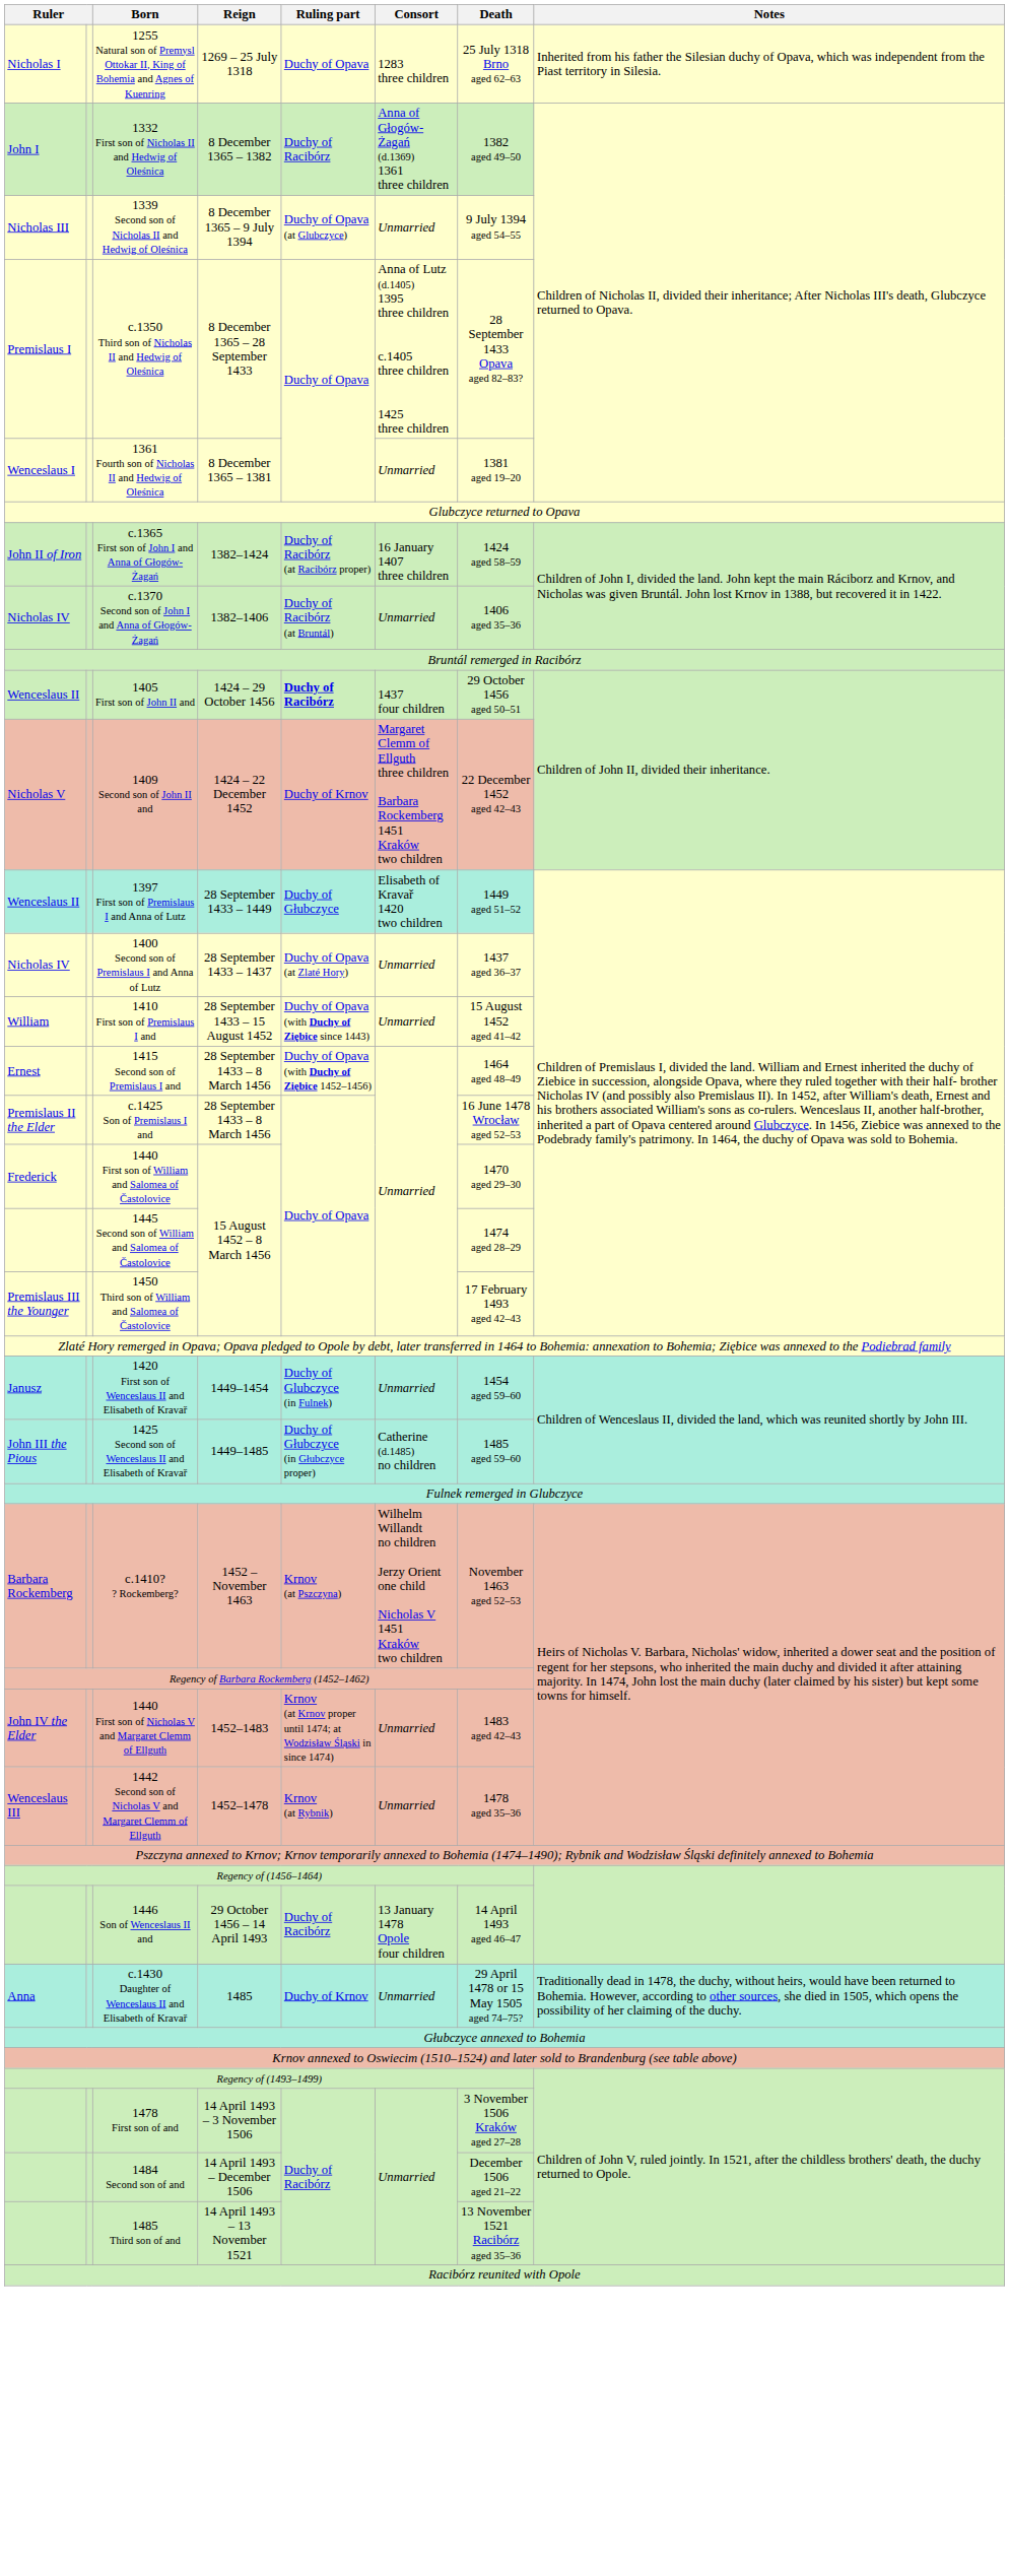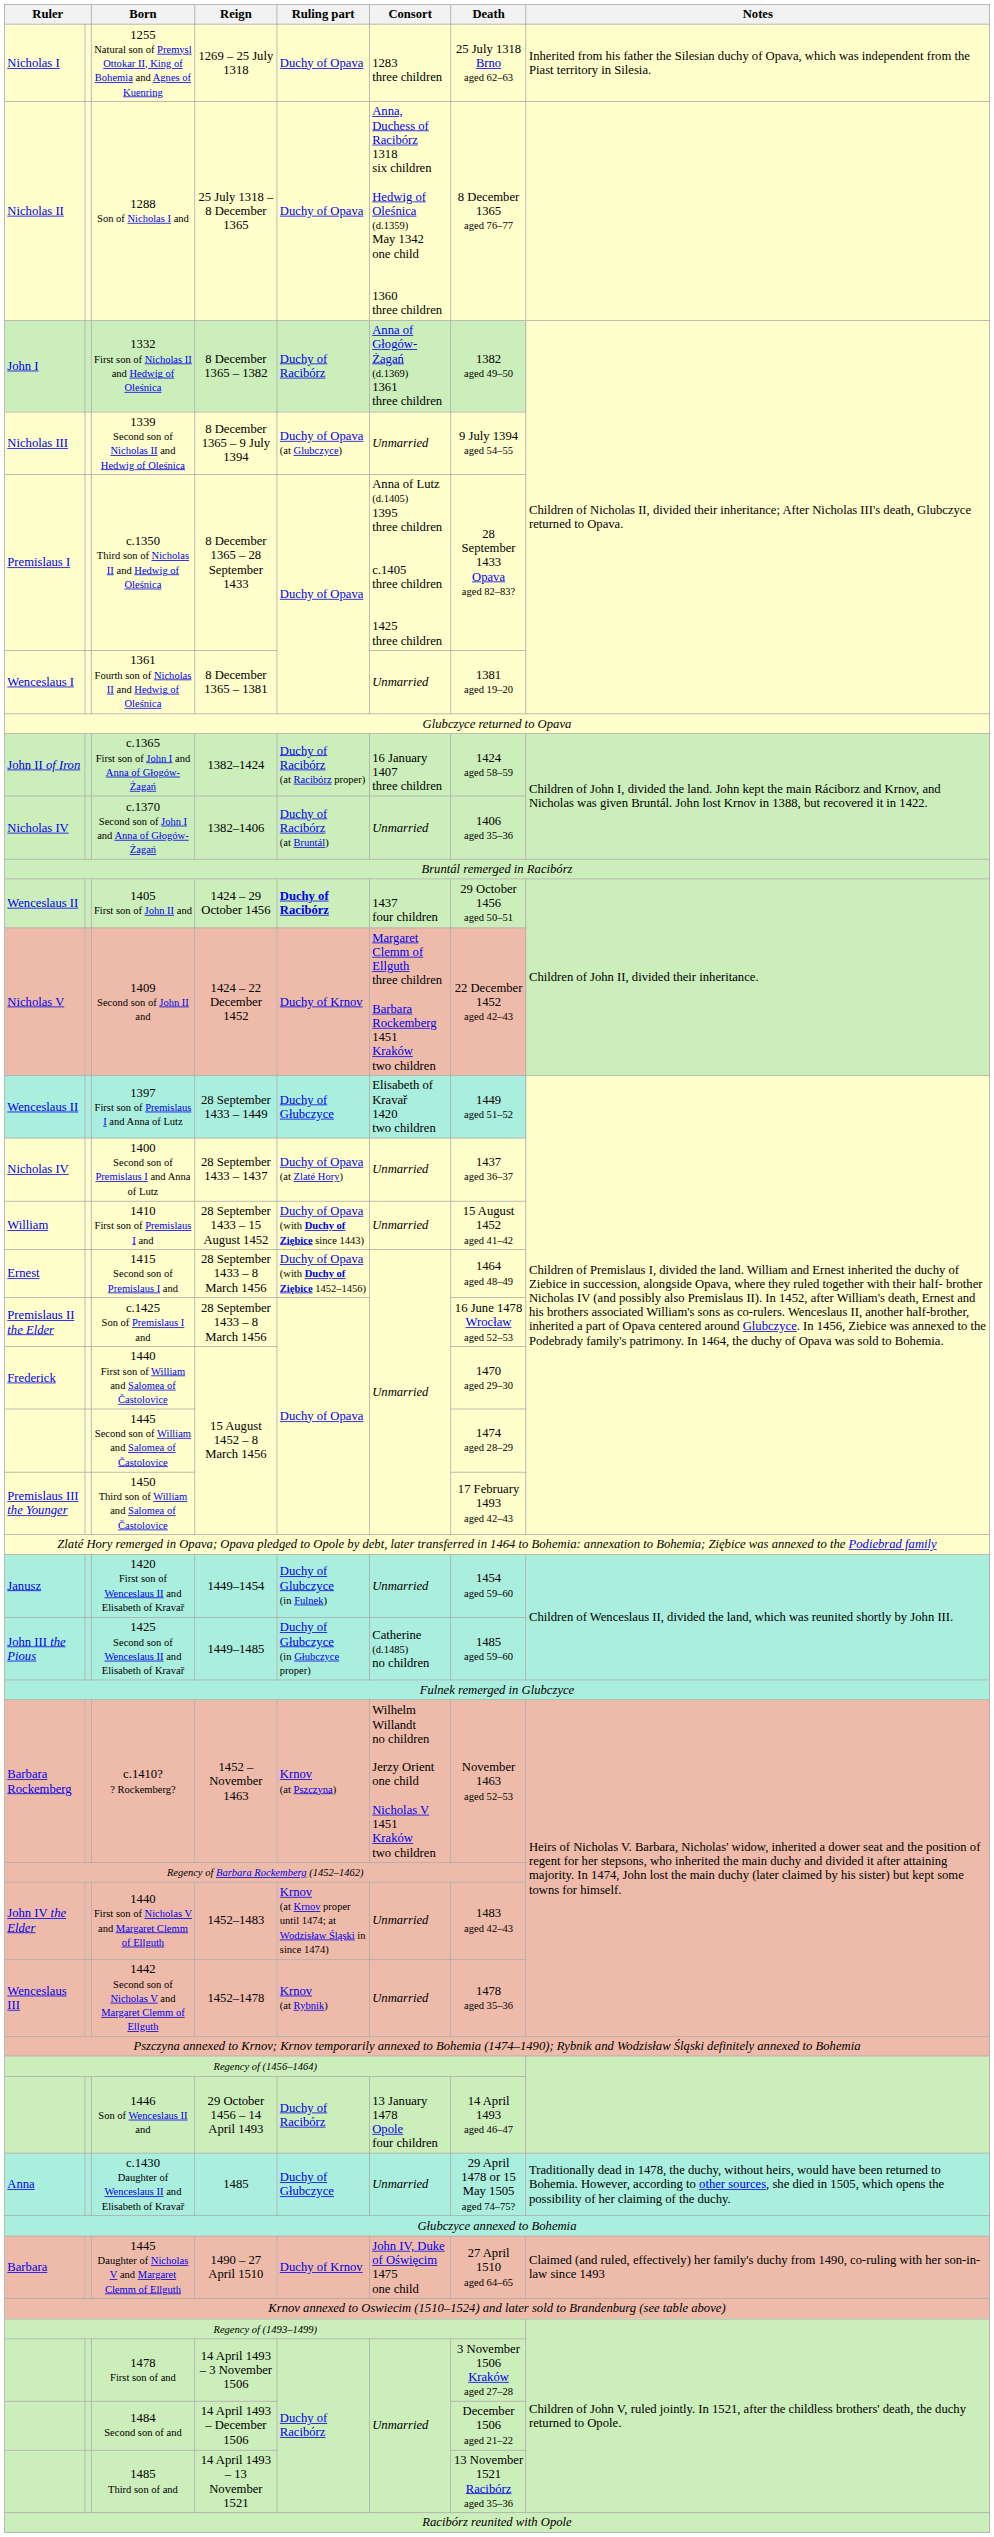 <table class="wikitable sticky-header">
 <tr style="background:#cccccc">
 <th colspan=2>Ruler</th>
 <th>Born</th>
 <th>Reign</th>
 <th>Ruling part</th>
 <th>Consort</th>
 <th>Death</th>
 <th>Notes</th>
 </tr>
 <tr style="background:#ffc">
 <td><a href='#'>Nicholas I</a></td>
 <td></td>
 <td align=center>1255<br><small>Natural son of <a href='#'>Premysl Ottokar II, King of Bohemia</a> and <a href='#'>Agnes of Kuenring</a></small></td>
 <td align=center>1269 – 25 July 1318</td>
 <td><a href='#'>Duchy of Opava</a></td>
 <td><br>1283<br>three children</td>
 <td align=center>25 July 1318<br><a href='#'>Brno</a><br><small>aged 62–63</small></td>
 <td>Inherited from his father the Silesian duchy of Opava, which was independent from the Piast territory in Silesia.</td>
+</tr>
+<tr style="background:#ffc">
+<td><a href='#'>Nicholas II</a></td>
+<td></td>
+<td align=center>1288<br><small>Son of  <a href='#'>Nicholas I</a> and </small></td>
+<td align=center>25 July 1318 – 8 December 1365</td>
+<td><a href='#'>Duchy of Opava</a></td>
+<td><a href='#'>Anna, Duchess of Racibórz</a><br>1318<br>six children<br><br><a href='#'>Hedwig of Oleśnica</a><br><small>(d.1359)</small><br>May 1342<br>one child<br><br><br>1360<br>three children</td>
+<td align=center>8 December 1365<br><small>aged 76–77</small></td>
+<td></td>
 </tr>
 <tr style="background:#ceb">
 <td><a href='#'>John I</a></td>
 <td></td>
 <td align=center>1332<br><small>First son of <a href='#'>Nicholas II</a> and <a href='#'>Hedwig of Oleśnica</a></small></td>
 <td align=center>8 December 1365 – 1382</td>
 <td><a href='#'>Duchy of Racibórz</a></td>
 <td><a href='#'>Anna of Głogów-Żagań</a><br><small>(d.1369)</small><br>1361<br>three children</td>
 <td align=center>1382<br><small>aged 49–50</small></td>
 <td rowspan="4" bgcolor=#ffc>Children of Nicholas II, divided their inheritance; After Nicholas III's death, Glubczyce returned to Opava.</td>
 </tr>
 <tr style="background:#ffc">
 <td><a href='#'>Nicholas III</a></td>
 <td></td>
 <td align=center>1339<br><small>Second son of <a href='#'>Nicholas II</a> and <a href='#'>Hedwig of Oleśnica</a></small></td>
 <td align=center>8 December 1365 – 9 July 1394</td>
 <td><a href='#'>Duchy of Opava</a><br><small>(at <a href='#'>Glubczyce</a>)</small></td>
 <td><em>Unmarried</em></td>
 <td align=center>9 July 1394<br><small>aged 54–55</small></td>
 </tr>
 <tr style="background:#ffc">
 <td><a href='#'>Premislaus I</a></td>
 <td></td>
 <td align=center>c.1350<br><small>Third son of <a href='#'>Nicholas II</a> and <a href='#'>Hedwig of Oleśnica</a></small></td>
 <td align=center>8 December 1365 – 28 September 1433</td>
 <td rowspan="2"><a href='#'>Duchy of Opava</a></td>
 <td>Anna of Lutz<br><small>(d.1405)</small><br>1395<br>three children<br><br><br>c.1405<br>three children<br><br><br>1425<br>three children</td>
 <td align=center>28 September 1433<br><a href='#'>Opava</a><br><small>aged 82–83?</small></td>
 </tr>
 <tr style="background:#ffc">
 <td><a href='#'>Wenceslaus I</a></td>
 <td></td>
 <td align=center>1361<br><small>Fourth son of <a href='#'>Nicholas II</a> and <a href='#'>Hedwig of Oleśnica</a></small></td>
 <td align=center>8 December 1365 – 1381</td>
 <td><em>Unmarried</em></td>
 <td align=center>1381<br><small>aged 19–20</small></td>
 </tr>
 <tr style="background:#ffc">
 <td align=center colspan=8><em>Glubczyce returned to Opava</em></td>
 </tr>
 <tr style="background:#ceb">
 <td><a href='#'>John II <em>of Iron</em></a></td>
 <td></td>
 <td align=center>c.1365<br><small>First son of <a href='#'>John I</a> and <a href='#'>Anna of Głogów-Żagań</a></small></td>
 <td align=center>1382–1424</td>
 <td><a href='#'>Duchy of Racibórz</a><br><small>(at <a href='#'>Racibórz</a> proper)</small></td>
 <td><br>16 January 1407<br>three children</td>
 <td align=center>1424<br><small>aged 58–59</small></td>
 <td rowspan="2">Children of John I, divided the land. John kept the main Ráciborz and Krnov, and Nicholas was given Bruntál. John lost Krnov in 1388, but recovered it in 1422.</td>
 </tr>
 <tr style="background:#ceb">
 <td><a href='#'>Nicholas IV</a></td>
 <td></td>
 <td align=center>c.1370<br><small>Second son of <a href='#'>John I</a> and <a href='#'>Anna of Głogów-Żagań</a></small></td>
 <td align=center>1382–1406</td>
 <td><a href='#'>Duchy of Racibórz</a><br><small>(at <a href='#'>Bruntál</a>)</small></td>
 <td><em>Unmarried</em></td>
 <td align=center>1406<br><small>aged 35–36</small></td>
 </tr>
 <tr style="background:#ceb">
 <td align=center colspan=8><em>Bruntál remerged in Racibórz</em></td>
 </tr>
 <tr style="background:#ceb">
 <td><a href='#'>Wenceslaus II</a></td>
 <td></td>
 <td align=center>1405<br><small>First son of <a href='#'>John II</a> and </small></td>
 <td align=center>1424 – 29 October 1456</td>
 <td><strong><a href='#'>Duchy of Racibórz</a></strong></td>
 <td><br>1437<br>four children</td>
 <td align=center>29 October 1456<br><small>aged 50–51</small></td>
 <td rowspan="2">Children of John II, divided their inheritance.</td>
 </tr>
 <tr style="background:#eba">
 <td><a href='#'>Nicholas V</a></td>
 <td></td>
 <td align=center>1409<br><small>Second son of <a href='#'>John II</a> and </small></td>
 <td align=center>1424 – 22 December 1452</td>
 <td><a href='#'>Duchy of Krnov</a></td>
 <td><a href='#'>Margaret Clemm of Ellguth</a><br>three children<br><br><a href='#'>Barbara Rockemberg</a><br>1451<br><a href='#'>Kraków</a><br>two children</td>
 <td align=center>22 December 1452<br><small>aged 42–43</small></td>
 </tr>
 <tr style="background:#aed">
 <td><a href='#'>Wenceslaus II</a></td>
 <td></td>
 <td align=center>1397<br><small>First son of <a href='#'>Premislaus I</a> and Anna of Lutz</small></td>
 <td align=center>28 September 1433 – 1449</td>
 <td><a href='#'>Duchy of Głubczyce</a></td>
 <td>Elisabeth of Kravař<br>1420<br>two children</td>
 <td align=center>1449<br><small>aged 51–52</small></td>
 <td rowspan="8" bgcolor=#ffc>Children of Premislaus I, divided the land. William and Ernest inherited the duchy of Ziebice in succession, alongside Opava, where they ruled together with their half- brother Nicholas IV (and possibly also Premislaus II). In 1452, after William's death, Ernest and his brothers associated William's sons as co-rulers. Wenceslaus II, another half-brother, inherited a part of Opava centered around <a href='#'>Glubczyce</a>. In 1456, Ziebice was annexed to the Podebrady family's patrimony. In 1464, the duchy of Opava was sold to Bohemia.</td>
 </tr>
 <tr bgcolor=#ffc>
 <td><a href='#'>Nicholas IV</a></td>
 <td></td>
 <td align=center>1400<br><small>Second son of <a href='#'>Premislaus I</a> and Anna of Lutz</small></td>
 <td align=center>28 September 1433 – 1437</td>
 <td><a href='#'>Duchy of Opava</a><br><small>(at <a href='#'>Zlaté Hory</a>)</small></td>
 <td><em>Unmarried</em></td>
 <td align=center>1437<br><small>aged 36–37</small></td>
 </tr>
 <tr style="background:#ffc">
 <td><a href='#'>William</a></td>
 <td></td>
 <td align=center>1410<br><small>First son of <a href='#'>Premislaus I</a> and </small></td>
 <td align=center>28 September 1433 – 15 August 1452</td>
 <td><a href='#'>Duchy of Opava</a><br><small>(with <strong><a href='#'>Duchy of Ziębice</a></strong> since 1443)</small></td>
 <td><em>Unmarried</em></td>
 <td align=center>15 August 1452<br><small>aged 41–42</small></td>
 </tr>
 <tr style="background:#ffc">
 <td><a href='#'>Ernest</a></td>
 <td></td>
 <td align=center>1415<br><small>Second son of <a href='#'>Premislaus I</a> and </small></td>
 <td align=center>28 September 1433 – 8 March 1456</td>
 <td><a href='#'>Duchy of Opava</a><br><small>(with <strong><a href='#'>Duchy of Ziębice</a></strong> 1452–1456)</small></td>
 <td rowspan="5"><em>Unmarried</em></td>
 <td align=center>1464<br><small>aged 48–49</small></td>
 </tr>
 <tr style="background:#ffc">
 <td><a href='#'>Premislaus II <em>the Elder</em></a></td>
 <td></td>
 <td align=center>c.1425<br><small>Son of <a href='#'>Premislaus I</a> and </small></td>
 <td align=center>28 September 1433 – 8 March 1456</td>
 <td rowspan="4"><a href='#'>Duchy of Opava</a></td>
 <td align=center>16 June 1478<br><a href='#'>Wrocław</a><br><small>aged 52–53</small></td>
 </tr>
 <tr style="background:#ffc">
 <td><a href='#'>Frederick</a></td>
 <td></td>
 <td align=center>1440<br><small>First son of <a href='#'>William</a> and <a href='#'>Salomea of Častolovice</a></small></td>
 <td align=center rowspan="3">15 August 1452 – 8 March 1456</td>
 <td align=center>1470<br><small>aged 29–30</small></td>
 </tr>
 <tr style="background:#ffc">
 <td></td>
 <td></td>
 <td align=center>1445<br><small>Second son of <a href='#'>William</a> and <a href='#'>Salomea of Častolovice</a></small></td>
 <td align=center>1474<br><small>aged 28–29</small></td>
 </tr>
 <tr style="background:#ffc">
 <td><a href='#'>Premislaus III <em>the Younger</em></a></td>
 <td></td>
 <td align=center>1450<br><small>Third son of <a href='#'>William</a> and <a href='#'>Salomea of Častolovice</a></small></td>
 <td align=center>17 February 1493<br><small>aged 42–43</small></td>
 </tr>
 <tr style="background:#ffc">
 <td colspan="8" align="center"><em>Zlaté Hory remerged in Opava; Opava pledged to Opole by debt, later transferred in 1464 to Bohemia: annexation to Bohemia; Ziębice was annexed to the <a href='#'>Podiebrad family</a></em></td>
 </tr>
 <tr style="background:#aed">
 <td><a href='#'>Janusz</a></td>
 <td></td>
 <td align=center>1420<br><small>First son of <a href='#'>Wenceslaus II</a> and Elisabeth of Kravař</small></td>
 <td align=center>1449–1454</td>
 <td><a href='#'>Duchy of Glubczyce</a><br><small>(in <a href='#'>Fulnek</a>)</small></td>
 <td><em>Unmarried</em></td>
 <td align=center>1454<br><small>aged 59–60</small></td>
 <td rowspan="2">Children of Wenceslaus II, divided the land, which was reunited shortly by John III.</td>
 </tr>
 <tr style="background:#aed">
 <td><a href='#'>John III <em>the Pious</em></a></td>
 <td></td>
 <td align=center>1425<br><small>Second son of <a href='#'>Wenceslaus II</a> and Elisabeth of Kravař</small></td>
 <td align=center>1449–1485</td>
 <td><a href='#'>Duchy of Głubczyce</a><br><small>(in <a href='#'>Głubczyce</a> proper)</small></td>
 <td>Catherine<br><small>(d.1485)</small><br>no children</td>
 <td align=center>1485<br><small>aged 59–60</small></td>
 </tr>
 <tr style="background:#aed">
 <td align=center colspan=8><em>Fulnek remerged in Glubczyce</em></td>
 </tr>
 <tr style="background:#eba">
 <td><a href='#'>Barbara Rockemberg</a></td>
 <td></td>
 <td align=center>c.1410?<br><small>? Rockemberg?</small></td>
 <td align=center>1452 – November 1463</td>
 <td><a href='#'>Krnov</a><br><small>(at <a href='#'>Pszczyna</a>)</small></td>
 <td>Wilhelm Willandt<br>no children<br><br>Jerzy Orient<br>one child<br><br><a href='#'>Nicholas V</a><br>1451<br><a href='#'>Kraków</a><br>two children</td>
 <td align=center>November 1463<br><small>aged 52–53</small></td>
 <td rowspan="4">Heirs of Nicholas V. Barbara, Nicholas' widow, inherited a dower seat and the position of regent for her stepsons, who inherited the main duchy and divided it after attaining majority.  In 1474, John lost the main duchy (later claimed by his sister) but kept some towns for himself.</td>
 </tr>
 <tr style="background:#eba">
 <td align=center colspan="7"><small><em>Regency of <a href='#'>Barbara Rockemberg</a> (1452–1462)</em></small></td>
 </tr>
 <tr style="background:#eba">
 <td><a href='#'>John IV <em>the Elder</em></a></td>
 <td></td>
 <td align=center>1440<br><small>First son of <a href='#'>Nicholas V</a> and <a href='#'>Margaret Clemm of Ellguth</a></small></td>
 <td align=center>1452–1483</td>
 <td><a href='#'>Krnov</a><br><small>(at <a href='#'>Krnov</a> proper until 1474; at <a href='#'>Wodzisław Śląski</a> in since 1474)</small></td>
 <td><em>Unmarried</em></td>
 <td align=center>1483<br><small>aged 42–43</small></td>
 </tr>
 <tr style="background:#eba">
 <td><a href='#'>Wenceslaus III</a></td>
 <td></td>
 <td align=center>1442<br><small>Second son of <a href='#'>Nicholas V</a> and <a href='#'>Margaret Clemm of Ellguth</a></small></td>
 <td align=center>1452–1478</td>
 <td><a href='#'>Krnov</a><br><small>(at <a href='#'>Rybnik</a>)</small></td>
 <td><em>Unmarried</em></td>
 <td align=center>1478<br><small>aged 35–36</small></td>
 </tr>
 <tr style="background:#eba">
 <td colspan="8" align="center"><em>Pszczyna annexed to Krnov; Krnov temporarily annexed to Bohemia (1474–1490); Rybnik and Wodzisław Śląski definitely annexed to Bohemia</em></td>
 </tr>
 <tr style="background:#ceb">
 <td align=center colspan="7"><small><em>Regency of  (1456–1464)</em></small></td>
 <td rowspan="2"></td>
 </tr>
 <tr style="background:#ceb">
 <td></td>
 <td></td>
 <td align=center>1446<br><small>Son of <a href='#'>Wenceslaus II</a> and </small></td>
 <td align=center>29 October 1456 – 14 April 1493</td>
 <td><a href='#'>Duchy of Racibórz</a></td>
 <td><br>13 January 1478<br><a href='#'>Opole</a><br>four children</td>
 <td align=center>14 April 1493<br><small>aged 46–47</small></td>
 </tr>
 <tr style="background:#aed">
 <td><a href='#'>Anna</a></td>
 <td></td>
 <td align=center>c.1430<br><small>Daughter of <a href='#'>Wenceslaus II</a> and Elisabeth of Kravař</small></td>
 <td align=center>1485</td>
-<td><a href='#'>Duchy of Krnov</a></td>
+<td><a href='#'>Duchy of Głubczyce</a></td>
 <td><em>Unmarried</em></td>
 <td align=center>29 April 1478 or 15 May 1505<br><small>aged 74–75?</small></td>
 <td>Traditionally dead in 1478, the duchy, without heirs, would have been returned to Bohemia. However, according to <a href='#'>other sources</a>, she died in 1505, which opens the possibility of her claiming of the duchy.</td>
 </tr>
 <tr style="background:#aed">
 <td align=center colspan=8><em>Głubczyce annexed to Bohemia</em></td>
+</tr>
+<tr style="background:#eba">
+<td><a href='#'>Barbara</a></td>
+<td></td>
+<td align=center>1445<br><small>Daughter of <a href='#'>Nicholas V</a> and <a href='#'>Margaret Clemm of Ellguth</a></small></td>
+<td align=center>1490 – 27 April 1510</td>
+<td><a href='#'>Duchy of Krnov</a></td>
+<td><a href='#'>John IV, Duke of Oświęcim</a><br>1475<br>one child</td>
+<td align=center>27 April 1510<br><small>aged 64–65</small></td>
+<td>Claimed (and ruled, effectively) her family's duchy from 1490, co-ruling with her son-in-law since 1493</td>
 </tr>
 <tr style="background:#eba">
 <td colspan="8" align="center"><em>Krnov annexed to Oswiecim (1510–1524) and later sold to Brandenburg (see table above)</em></td>
 </tr>
 <tr style="background:#ceb">
 <td align=center colspan="7"><small><em>Regency of  (1493–1499)</em></small></td>
 <td rowspan="4">Children of John V, ruled jointly. In 1521, after the childless brothers' death, the duchy returned to Opole.</td>
 </tr>
 <tr style="background:#ceb">
 <td></td>
 <td></td>
 <td align=center>1478<br><small>First son of  and </small></td>
 <td align=center>14 April 1493 – 3 November 1506</td>
 <td rowspan=3><a href='#'>Duchy of Racibórz</a></td>
 <td rowspan=3><em>Unmarried</em></td>
 <td align=center>3 November 1506<br><a href='#'>Kraków</a><br><small>aged 27–28</small></td>
 </tr>
 <tr style="background:#ceb">
 <td></td>
 <td></td>
 <td align=center>1484<br><small>Second son of  and </small></td>
 <td align=center>14 April 1493 – December 1506</td>
 <td align=center>December 1506<br><small>aged 21–22</small></td>
 </tr>
 <tr style="background:#ceb">
 <td></td>
 <td></td>
 <td align=center>1485<br><small>Third son of  and </small></td>
 <td align=center>14 April 1493 – 13 November 1521</td>
 <td align=center>13 November 1521<br><a href='#'>Racibórz</a><br><small>aged 35–36</small></td>
 </tr>
 <tr style="background:#ceb">
 <td colspan="8" align="center"><em>Racibórz reunited with Opole</em></td>
 </tr>
 </table>
